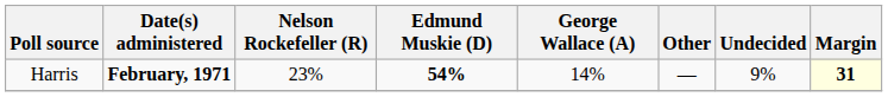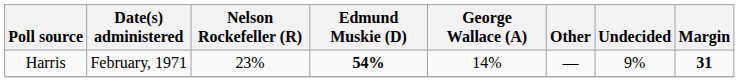 <table class="wikitable sortable" style="text-align:center;font-size:90%;line-height:17px">
 <tr valign= bottom>
 <th>Poll source</th>
 <th>Date(s)<br>administered</th>
 <th class="unsortable" style="width:100px;">Nelson<br>Rockefeller (R)</th>
 <th class="unsortable" style="width:100px;">Edmund<br>Muskie (D)</th>
 <th class="unsortable" style="width:100px;">George<br>Wallace (A) </th>
 <th class="unsortable">Other</th>
 <th class="unsortable">Undecided</th>
 <th>Margin</th>
 </tr>
 <tr>
 <td align="center">Harris</td>
-<td><strong>February, 1971</strong></td>
+<td>February, 1971</td>
 <td align="center">23%</td>
 <td><strong>54%</strong></td>
 <td align="center">14%</td>
 <td align="center">—</td>
 <td align="center">9%</td>
-<td style="background: lightyellow;"><strong>31</strong></td>
+<td><strong>31</strong></td>
 </tr>
 <tr>
 </tr>
 </table>
